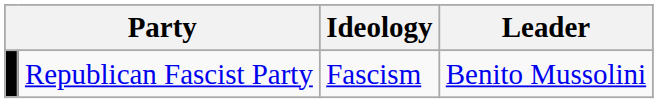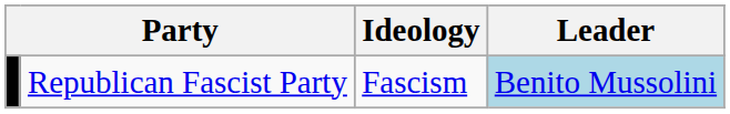 <table class=wikitable style="font-size:100%">
 <tr>
 <th colspan=2>Party</th>
 <th>Ideology</th>
 <th>Leader</th>
 </tr>
 <tr>
 <td bgcolor="black"></td>
 <td><a href='#'>Republican Fascist Party</a></td>
 <td><a href='#'>Fascism</a></td>
-<td><a href='#'>Benito Mussolini</a></td>
+<td style="background: lightblue;"><a href='#'>Benito Mussolini</a></td>
 </tr>
 </table>
